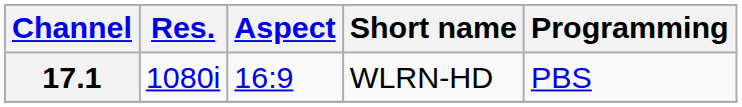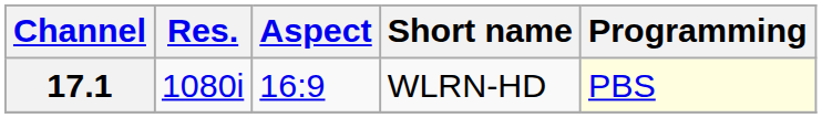 <table class="wikitable">
 <tr>
 <th scope = "col"><a href='#'>Channel</a></th>
 <th scope = "col"><a href='#'>Res.</a></th>
 <th scope = "col"><a href='#'>Aspect</a></th>
 <th scope = "col">Short name</th>
 <th scope = "col">Programming</th>
 </tr>
 <tr>
 <th scope = "row">17.1</th>
 <td><a href='#'>1080i</a></td>
 <td><a href='#'>16:9</a></td>
 <td>WLRN-HD</td>
-<td><a href='#'>PBS</a></td>
+<td style="background: lightyellow;"><a href='#'>PBS</a></td>
 </tr>
 <tr>
 </tr>
 </table>
